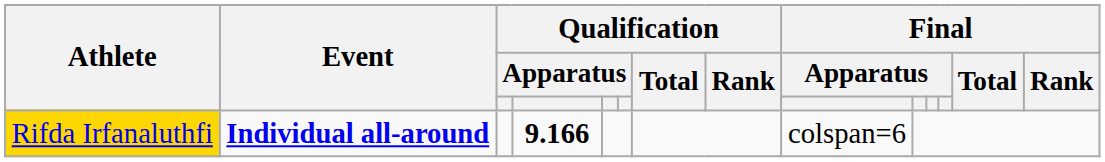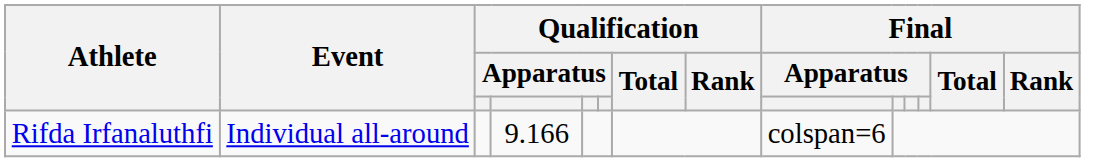 <table class="wikitable" style="font-size:90%">
 <tr>
 <th rowspan=3>Athlete</th>
 <th rowspan=3>Event</th>
 <th colspan=6>Qualification</th>
 <th colspan=6>Final</th>
 </tr>
 <tr style="font-size:95%">
 <th colspan=4>Apparatus</th>
 <th rowspan=2>Total</th>
 <th rowspan=2>Rank</th>
 <th colspan=4>Apparatus</th>
 <th rowspan=2>Total</th>
 <th rowspan=2>Rank</th>
 </tr>
 <tr style="font-size:95%">
 <th></th>
 <th></th>
 <th></th>
 <th></th>
 <th></th>
 <th></th>
 <th></th>
 <th></th>
 </tr>
 <tr align=center>
-<td align=left style="background: gold;"><a href='#'>Rifda Irfanaluthfi</a></td>
-<td align=left><strong><a href='#'>Individual all-around</a></strong></td>
+<td align=left><a href='#'>Rifda Irfanaluthfi</a></td>
+<td align=left><a href='#'>Individual all-around</a></td>
 <td></td>
-<td><strong>9.166</strong></td>
+<td>9.166</td>
 <td colspan=2></td>
 <td colspan=2></td>
 <td>colspan=6 </td>
 </tr>
 </table>
